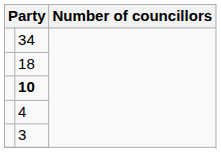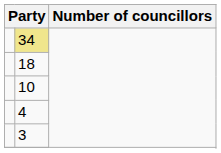 <table class="wikitable">
 <tr>
 <th colspan="2">Party</th>
 <th>Number of councillors</th>
 </tr>
 <tr>
 <td></td>
-<td>34</td>
+<td style="background: khaki;">34</td>
 </tr>
 <tr>
 <td></td>
 <td>18</td>
 </tr>
 <tr>
 <td></td>
-<td><strong>10</strong></td>
+<td>10</td>
 </tr>
 <tr>
 <td></td>
 <td>4</td>
 </tr>
 <tr>
 <td></td>
 <td>3</td>
 </tr>
 <tr>
 </tr>
 </table>
